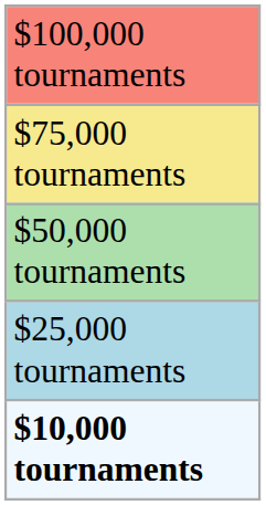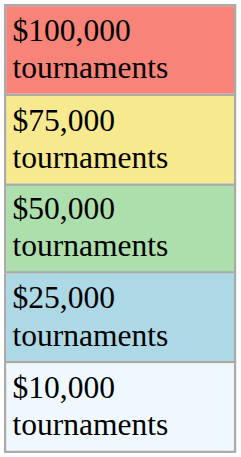 <table class="wikitable" style="font-size:90%; width:12%;">
 <tr style="background:#f88379;">
 <td>$100,000 tournaments</td>
 </tr>
 <tr style="background:#f7e98e;">
 <td>$75,000 tournaments</td>
 </tr>
 <tr style="background:#addfad;">
 <td>$50,000 tournaments</td>
 </tr>
 <tr style="background:lightblue;">
 <td>$25,000 tournaments</td>
 </tr>
 <tr style="background:#f0f8ff;">
-<td><strong>$10,000 tournaments</strong></td>
+<td>$10,000 tournaments</td>
 </tr>
 </table>
